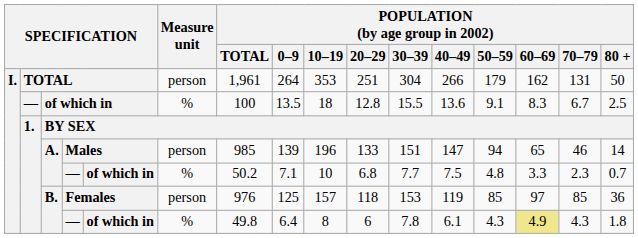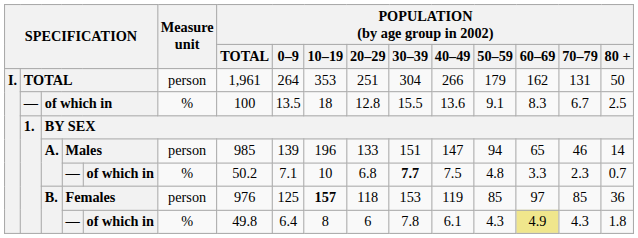 <table class="wikitable" style="font-size:85%; text-align:center">
 <tr>
 <th rowspan="2" colspan="5">SPECIFICATION</th>
 <th rowspan="2">Measure<br> unit</th>
 <th colspan="10" rowspan="1">POPULATION<br> (by age group in 2002)</th>
 </tr>
 <tr>
 <th>TOTAL</th>
 <th>0–9</th>
 <th>10–19</th>
 <th>20–29</th>
 <th>30–39</th>
 <th>40–49</th>
 <th>50–59</th>
 <th>60–69</th>
 <th>70–79</th>
 <th>80 +</th>
 </tr>
 <tr>
 <th style="text-align:left" valign="top" rowspan="7">I.</th>
 <th style="text-align:left" colspan="4">TOTAL</th>
 <td>person</td>
 <td>1,961</td>
 <td>264</td>
 <td>353</td>
 <td>251</td>
 <td>304</td>
 <td>266</td>
 <td>179</td>
 <td>162</td>
 <td>131</td>
 <td>50</td>
 </tr>
 <tr>
 <th style="text-align:left" valign="top">—</th>
 <th style="text-align:left" colspan="3">of which in</th>
 <td>%</td>
 <td>100</td>
 <td>13.5</td>
 <td>18</td>
 <td>12.8</td>
 <td>15.5</td>
 <td>13.6</td>
 <td>9.1</td>
 <td>8.3</td>
 <td>6.7</td>
 <td>2.5</td>
 </tr>
 <tr>
 <th style="text-align:left" valign="top" rowspan="5">1.</th>
 <th style="text-align:left" colspan="14">BY SEX</th>
 </tr>
 <tr>
 <th style="text-align:left" valign="top" rowspan="2">A.</th>
 <th style="text-align:left" colspan="2">Males</th>
 <td>person</td>
 <td>985</td>
 <td>139</td>
 <td>196</td>
 <td>133</td>
 <td>151</td>
 <td>147</td>
 <td>94</td>
 <td>65</td>
 <td>46</td>
 <td>14</td>
 </tr>
 <tr>
 <th style="text-align:left" valign="top">—</th>
 <th style="text-align:left" colspan="1">of which in</th>
 <td>%</td>
 <td>50.2</td>
 <td>7.1</td>
 <td>10</td>
 <td>6.8</td>
-<td>7.7</td>
+<td><strong>7.7</strong></td>
 <td>7.5</td>
 <td>4.8</td>
 <td>3.3</td>
 <td>2.3</td>
 <td>0.7</td>
 </tr>
 <tr>
 <th style="text-align:left" valign="top" rowspan="2">B.</th>
 <th style="text-align:left" colspan="2">Females</th>
 <td>person</td>
 <td>976</td>
 <td>125</td>
-<td>157</td>
+<td><strong>157</strong></td>
 <td>118</td>
 <td>153</td>
 <td>119</td>
 <td>85</td>
 <td>97</td>
 <td>85</td>
 <td>36</td>
 </tr>
 <tr>
 <th style="text-align:left" valign="top">—</th>
 <th style="text-align:left" colspan="1">of which in</th>
 <td>%</td>
 <td>49.8</td>
 <td>6.4</td>
 <td>8</td>
 <td>6</td>
 <td>7.8</td>
 <td>6.1</td>
 <td>4.3</td>
 <td style="background: khaki;">4.9</td>
 <td>4.3</td>
 <td>1.8</td>
 </tr>
 </table>
